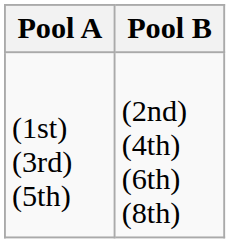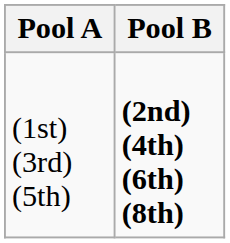 <table class="wikitable">
 <tr>
 <th width=45%>Pool A</th>
 <th width=45%>Pool B</th>
 </tr>
 <tr>
 <td><br> (1st)<br>  (3rd)<br>  (5th)<br> </td>
-<td><br> (2nd)<br>  (4th)<br>  (6th)<br>  (8th)</td>
+<td><strong><br> (2nd)<br>  (4th)<br>  (6th)<br>  (8th)</strong></td>
 </tr>
 </table>
